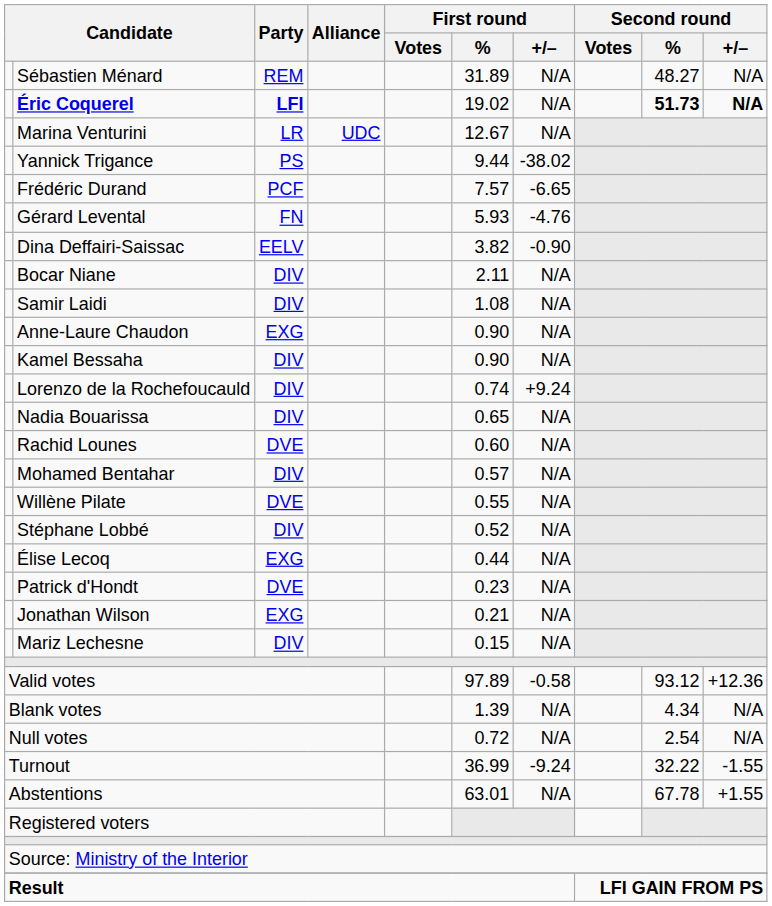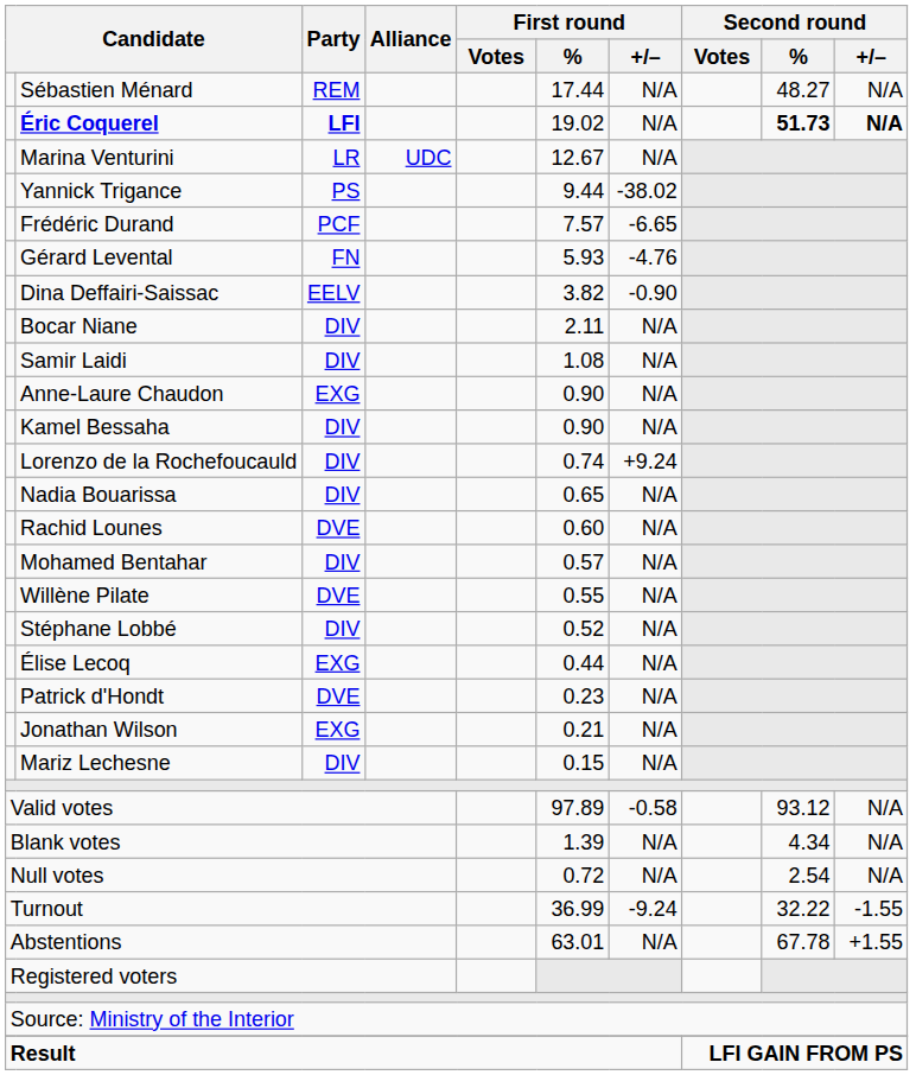 <table class="wikitable" style="text-align:right;font-size:95%;">
 <tr>
 <th rowspan="2" colspan="2">Candidate</th>
 <th rowspan="2">Party</th>
 <th rowspan="2">Alliance</th>
 <th colspan="3">First round</th>
 <th colspan="3">Second round</th>
 </tr>
 <tr>
 <th style="width:50px;">Votes</th>
 <th style="width:45px;">%</th>
 <th style="width:45px;">+/–</th>
 <th style="width:50px;">Votes</th>
 <th style="width:45px;">%</th>
 <th style="width:45px;">+/–</th>
 </tr>
 <tr>
 <td style="color:inherit;background:"></td>
 <td style="text-align:left;">Sébastien Ménard</td>
 <td><a href='#'>REM</a> </td>
 <td></td>
 <td></td>
-<td>31.89</td>
+<td>17.44</td>
 <td>N/A</td>
 <td></td>
 <td>48.27</td>
 <td>N/A</td>
 </tr>
 <tr>
 <td style="color:inherit;background:"></td>
 <td style="text-align:left;"><strong><a href='#'>Éric Coquerel</a></strong></td>
 <td><a href='#'><strong>LFI</strong></a> </td>
 <td></td>
 <td></td>
 <td>19.02</td>
 <td>N/A</td>
 <td><strong></strong></td>
 <td><strong>51.73</strong></td>
 <td><strong>N/A</strong></td>
 </tr>
 <tr>
 <td style="color:inherit;background:"></td>
 <td style="text-align:left;">Marina Venturini</td>
 <td><a href='#'>LR</a></td>
 <td><a href='#'>UDC</a></td>
 <td></td>
 <td>12.67</td>
 <td>N/A</td>
 <td colspan="3" style="background:#E9E9E9;"></td>
 </tr>
 <tr>
 <td style="color:inherit;background:"></td>
 <td style="text-align:left;">Yannick Trigance</td>
 <td><a href='#'>PS</a></td>
 <td></td>
 <td></td>
 <td>9.44</td>
 <td>-38.02</td>
 <td colspan="3" style="background:#E9E9E9;"></td>
 </tr>
 <tr>
 <td style="color:inherit;background:"></td>
 <td style="text-align:left;">Frédéric Durand</td>
 <td><a href='#'>PCF</a></td>
 <td></td>
 <td></td>
 <td>7.57</td>
 <td>-6.65</td>
 <td colspan="3" style="background:#E9E9E9;"></td>
 </tr>
 <tr>
 <td style="color:inherit;background:"></td>
 <td style="text-align:left;">Gérard Levental</td>
 <td><a href='#'>FN</a></td>
 <td></td>
 <td></td>
 <td>5.93</td>
 <td>-4.76</td>
 <td colspan="3" style="background:#E9E9E9;"></td>
 </tr>
 <tr>
 <td style="color:inherit;background:"></td>
 <td style="text-align:left;">Dina Deffairi-Saissac</td>
 <td><a href='#'>EELV</a></td>
 <td></td>
 <td></td>
 <td>3.82</td>
 <td>-0.90</td>
 <td colspan="3" style="background:#E9E9E9;"></td>
 </tr>
 <tr>
 <td style="color:inherit;background:"></td>
 <td style="text-align:left;">Bocar Niane</td>
 <td><a href='#'>DIV</a></td>
 <td></td>
 <td></td>
 <td>2.11</td>
 <td>N/A</td>
 <td colspan="3" style="background:#E9E9E9;"></td>
 </tr>
 <tr>
 <td style="color:inherit;background:"></td>
 <td style="text-align:left;">Samir Laidi</td>
 <td><a href='#'>DIV</a></td>
 <td></td>
 <td></td>
 <td>1.08</td>
 <td>N/A</td>
 <td colspan="3" style="background:#E9E9E9;"></td>
 </tr>
 <tr>
 <td style="color:inherit;background:"></td>
 <td style="text-align:left;">Anne-Laure Chaudon</td>
 <td><a href='#'>EXG</a></td>
 <td></td>
 <td></td>
 <td>0.90</td>
 <td>N/A</td>
 <td colspan="3" style="background:#E9E9E9;"></td>
 </tr>
 <tr>
 <td style="color:inherit;background:"></td>
 <td style="text-align:left;">Kamel Bessaha</td>
 <td><a href='#'>DIV</a></td>
 <td></td>
 <td></td>
 <td>0.90</td>
 <td>N/A</td>
 <td colspan="3" style="background:#E9E9E9;"></td>
 </tr>
 <tr>
 <td style="color:inherit;background:"></td>
 <td style="text-align:left;">Lorenzo de la Rochefoucauld</td>
 <td><a href='#'>DIV</a></td>
 <td></td>
 <td></td>
 <td>0.74</td>
 <td>+9.24</td>
 <td colspan="3" style="background:#E9E9E9;"></td>
 </tr>
 <tr>
 <td style="color:inherit;background:"></td>
 <td style="text-align:left;">Nadia Bouarissa</td>
 <td><a href='#'>DIV</a></td>
 <td></td>
 <td></td>
 <td>0.65</td>
 <td>N/A</td>
 <td colspan="3" style="background:#E9E9E9;"></td>
 </tr>
 <tr>
 <td style="color:inherit;background:"></td>
 <td style="text-align:left;">Rachid Lounes</td>
 <td><a href='#'>DVE</a></td>
 <td></td>
 <td></td>
 <td>0.60</td>
 <td>N/A</td>
 <td colspan="3" style="background:#E9E9E9;"></td>
 </tr>
 <tr>
 <td style="color:inherit;background:"></td>
 <td style="text-align:left;">Mohamed Bentahar</td>
 <td><a href='#'>DIV</a></td>
 <td></td>
 <td></td>
 <td>0.57</td>
 <td>N/A</td>
 <td colspan="3" style="background:#E9E9E9;"></td>
 </tr>
 <tr>
 <td style="color:inherit;background:"></td>
 <td style="text-align:left;">Willène Pilate</td>
 <td><a href='#'>DVE</a></td>
 <td></td>
 <td></td>
 <td>0.55</td>
 <td>N/A</td>
 <td colspan="3" style="background:#E9E9E9;"></td>
 </tr>
 <tr>
 <td style="color:inherit;background:"></td>
 <td style="text-align:left;">Stéphane Lobbé</td>
 <td><a href='#'>DIV</a></td>
 <td></td>
 <td></td>
 <td>0.52</td>
 <td>N/A</td>
 <td colspan="3" style="background:#E9E9E9;"></td>
 </tr>
 <tr>
 <td style="color:inherit;background:"></td>
 <td style="text-align:left;">Élise Lecoq</td>
 <td><a href='#'>EXG</a></td>
 <td></td>
 <td></td>
 <td>0.44</td>
 <td>N/A</td>
 <td colspan="3" style="background:#E9E9E9;"></td>
 </tr>
 <tr>
 <td style="color:inherit;background:"></td>
 <td style="text-align:left;">Patrick d'Hondt</td>
 <td><a href='#'>DVE</a></td>
 <td></td>
 <td></td>
 <td>0.23</td>
 <td>N/A</td>
 <td colspan="3" style="background:#E9E9E9;"></td>
 </tr>
 <tr>
 <td style="color:inherit;background:"></td>
 <td style="text-align:left;">Jonathan Wilson</td>
 <td><a href='#'>EXG</a></td>
 <td></td>
 <td></td>
 <td>0.21</td>
 <td>N/A</td>
 <td colspan="3" style="background:#E9E9E9;"></td>
 </tr>
 <tr>
 <td style="color:inherit;background:"></td>
 <td style="text-align:left;">Mariz Lechesne</td>
 <td><a href='#'>DIV</a></td>
 <td></td>
 <td></td>
 <td>0.15</td>
 <td>N/A</td>
 <td colspan="3" style="background:#E9E9E9;"></td>
 </tr>
 <tr>
 <td colspan="10" style="background:#E9E9E9;"></td>
 </tr>
 <tr>
 <td colspan="4" style="text-align:left;">Valid votes</td>
 <td></td>
 <td>97.89</td>
 <td>-0.58</td>
 <td></td>
 <td>93.12</td>
-<td>+12.36</td>
+<td>N/A</td>
 </tr>
 <tr>
 <td colspan="4" style="text-align:left;">Blank votes</td>
 <td></td>
 <td>1.39</td>
 <td>N/A</td>
 <td></td>
 <td>4.34</td>
 <td>N/A</td>
 </tr>
 <tr>
 <td colspan="4" style="text-align:left;">Null votes</td>
 <td></td>
 <td>0.72</td>
 <td>N/A</td>
 <td></td>
 <td>2.54</td>
 <td>N/A</td>
 </tr>
 <tr>
 <td colspan="4" style="text-align:left;">Turnout</td>
 <td></td>
 <td>36.99</td>
 <td>-9.24</td>
 <td></td>
 <td>32.22</td>
 <td>-1.55</td>
 </tr>
 <tr>
 <td colspan="4" style="text-align:left;">Abstentions</td>
 <td></td>
 <td>63.01</td>
 <td>N/A</td>
 <td></td>
 <td>67.78</td>
 <td>+1.55</td>
 </tr>
 <tr>
 <td colspan="4" style="text-align:left;">Registered voters</td>
 <td></td>
 <td colspan="2" style="background:#E9E9E9;"></td>
 <td></td>
 <td colspan="2" style="background:#E9E9E9;"></td>
 </tr>
 <tr>
 <td colspan="10" style="background:#E9E9E9;"></td>
 </tr>
 <tr>
 <td colspan="10" style="text-align:left;">Source: <a href='#'>Ministry of the Interior</a></td>
 </tr>
 <tr>
 </tr>
 <tr style="font-weight:bold">
 <td colspan="7" style="text-align:left;">Result</td>
 <td colspan="7" style="background-color:">LFI GAIN FROM PS</td>
 </tr>
 </table>
